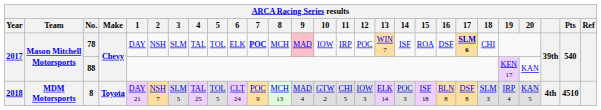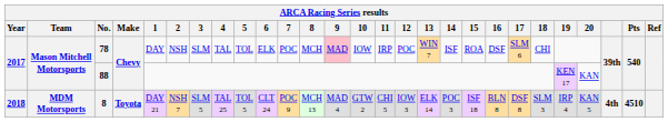 <table class="wikitable" style="text-align:center; font-size:75%">
 <tr>
 <th colspan=27><a href='#'>ARCA Racing Series</a> results</th>
 </tr>
 <tr>
 <th>Year</th>
 <th>Team</th>
 <th>No.</th>
 <th>Make</th>
 <th>1</th>
 <th>2</th>
 <th>3</th>
 <th>4</th>
 <th>5</th>
 <th>6</th>
 <th>7</th>
 <th>8</th>
 <th>9</th>
 <th>10</th>
 <th>11</th>
 <th>12</th>
 <th>13</th>
 <th>14</th>
 <th>15</th>
 <th>16</th>
 <th>17</th>
 <th>18</th>
 <th>19</th>
 <th>20</th>
 <th></th>
 <th>Pts</th>
 <th>Ref</th>
 </tr>
 <tr>
 <th rowspan=2><a href='#'>2017</a></th>
 <th rowspan=2><a href='#'>Mason Mitchell Motorsports</a></th>
 <th>78</th>
 <th rowspan=2><a href='#'>Chevy</a></th>
 <td><a href='#'>DAY</a></td>
 <td><a href='#'>NSH</a></td>
 <td><a href='#'>SLM</a></td>
 <td><a href='#'>TAL</a></td>
 <td><a href='#'>TOL</a></td>
 <td><a href='#'>ELK</a></td>
-<td><strong><a href='#'>POC</a></strong></td>
+<td><a href='#'>POC</a></td>
 <td><a href='#'>MCH</a></td>
 <td style="background: pink;"><a href='#'>MAD</a></td>
 <td><a href='#'>IOW</a></td>
 <td><a href='#'>IRP</a></td>
 <td><a href='#'>POC</a></td>
 <td style="background:#FFDF9F;"><a href='#'>WIN</a><br><small>7</small></td>
 <td><a href='#'>ISF</a></td>
 <td><a href='#'>ROA</a></td>
 <td><a href='#'>DSF</a></td>
-<td style="background:#FFDF9F;"><strong><a href='#'>SLM</a><br><small>6</small></strong></td>
+<td style="background:#FFDF9F;"><a href='#'>SLM</a><br><small>6</small></td>
 <td><a href='#'>CHI</a></td>
 <td colspan=2></td>
 <th rowspan=2>39th</th>
 <th rowspan=2>540</th>
 <th rowspan=2></th>
 </tr>
 <tr>
 <th>88</th>
 <td colspan=18></td>
 <td style="background:#EFCFFF;"><a href='#'>KEN</a><br><small>17</small></td>
 <td><a href='#'>KAN</a></td>
 </tr>
 <tr>
 <th><a href='#'>2018</a></th>
 <th><a href='#'>MDM Motorsports</a></th>
 <th>8</th>
 <th><a href='#'>Toyota</a></th>
 <td style="background:#EFCFFF;"><a href='#'>DAY</a><br><small>21</small></td>
 <td style="background:#FFDF9F;"><a href='#'>NSH</a><br><small>7</small></td>
 <td style="background:#DFDFDF;"><a href='#'>SLM</a><br><small>5</small></td>
 <td style="background:#EFCFFF;"><a href='#'>TAL</a><br><small>25</small></td>
 <td style="background:#DFDFDF;"><a href='#'>TOL</a><br><small>5</small></td>
 <td style="background:#EFCFFF;"><a href='#'>CLT</a><br><small>24</small></td>
 <td style="background:#FFDF9F;"><a href='#'>POC</a><br><small>9</small></td>
 <td style="background:#DFFFDF;"><a href='#'>MCH</a><br><small>13</small></td>
 <td style="background:#DFDFDF;"><a href='#'>MAD</a><br><small>4</small></td>
 <td style="background:#DFDFDF;"><a href='#'>GTW</a><br><small>2</small></td>
 <td style="background:#DFDFDF;"><a href='#'>CHI</a><br><small>5</small></td>
 <td style="background:#DFDFDF;"><a href='#'>IOW</a><br><small>3</small></td>
 <td style="background:#EFCFFF;"><a href='#'>ELK</a><br><small>14</small></td>
 <td style="background:#DFDFDF;"><a href='#'>POC</a><br><small>3</small></td>
 <td style="background:#EFCFFF;"><a href='#'>ISF</a><br><small>18</small></td>
 <td style="background:#FFDF9F;"><a href='#'>BLN</a><br><small>8</small></td>
 <td style="background:#FFDF9F;"><a href='#'>DSF</a><br><small>8</small></td>
 <td style="background:#DFDFDF;"><a href='#'>SLM</a><br><small>3</small></td>
 <td style="background:#DFDFDF;"><a href='#'>IRP</a><br><small>4</small></td>
 <td style="background:#DFDFDF;"><a href='#'>KAN</a><br><small>5</small></td>
 <th>4th</th>
 <th>4510</th>
 <th></th>
 </tr>
 </table>
